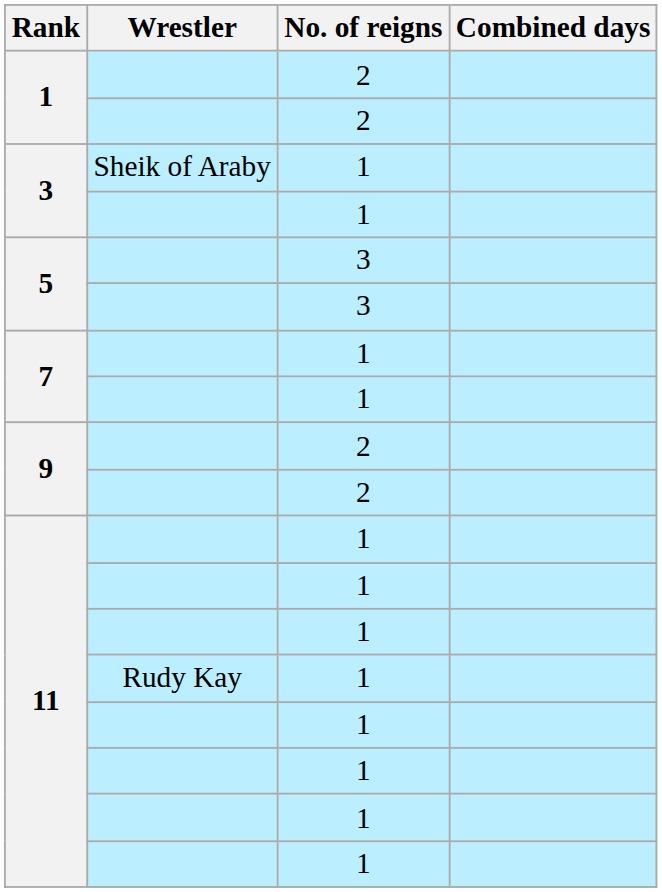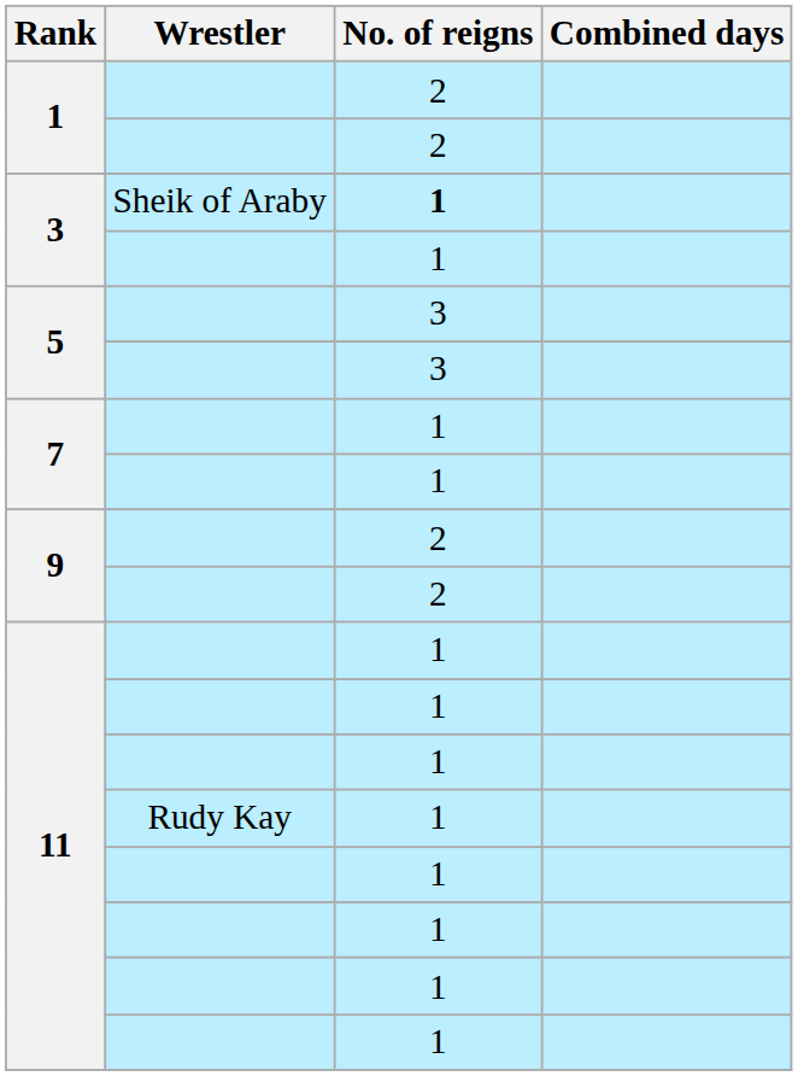 <table class="wikitable sortable" style="text-align: center">
 <tr>
 <th data-sort-type="number" scope="col">Rank</th>
 <th scope="col">Wrestler</th>
 <th data-sort-type="number" scope="col">No. of reigns</th>
 <th data-sort-type="number" scope="col">Combined days</th>
 </tr>
 <tr style="background-color:#bbeeff">
 <th scope=row rowspan=2>1</th>
 <td></td>
 <td>2</td>
 <td></td>
 </tr>
 <tr style="background-color:#bbeeff">
 <td></td>
 <td>2</td>
 <td></td>
 </tr>
 <tr style="background-color:#bbeeff">
 <th scope=row rowspan=2>3</th>
 <td>Sheik of Araby</td>
-<td>1</td>
+<td><strong>1</strong></td>
 <td></td>
 </tr>
 <tr style="background-color:#bbeeff">
 <td></td>
 <td>1</td>
 <td></td>
 </tr>
 <tr style="background-color:#bbeeff">
 <th scope=row rowspan=2>5</th>
 <td></td>
 <td>3</td>
 <td></td>
 </tr>
 <tr style="background-color:#bbeeff">
 <td></td>
 <td>3</td>
 <td></td>
 </tr>
 <tr style="background-color:#bbeeff">
 <th scope=row rowspan=2>7</th>
 <td></td>
 <td>1</td>
 <td></td>
 </tr>
 <tr style="background-color:#bbeeff">
 <td></td>
 <td>1</td>
 <td></td>
 </tr>
 <tr style="background-color:#bbeeff">
 <th scope=row rowspan=2>9</th>
 <td></td>
 <td>2</td>
 <td></td>
 </tr>
 <tr style="background-color:#bbeeff">
 <td></td>
 <td>2</td>
 <td></td>
 </tr>
 <tr style="background-color:#bbeeff">
 <th scope=row rowspan=8>11</th>
 <td></td>
 <td>1</td>
 <td></td>
 </tr>
 <tr style="background-color:#bbeeff">
 <td></td>
 <td>1</td>
 <td></td>
 </tr>
 <tr style="background-color:#bbeeff">
 <td></td>
 <td>1</td>
 <td></td>
 </tr>
 <tr style="background-color:#bbeeff">
 <td>Rudy Kay</td>
 <td>1</td>
 <td></td>
 </tr>
 <tr style="background-color:#bbeeff">
 <td></td>
 <td>1</td>
 <td></td>
 </tr>
 <tr style="background-color:#bbeeff">
 <td></td>
 <td>1</td>
 <td></td>
 </tr>
 <tr style="background-color:#bbeeff">
 <td></td>
 <td>1</td>
 <td></td>
 </tr>
 <tr style="background-color:#bbeeff">
 <td></td>
 <td>1</td>
 <td></td>
 </tr>
 </table>
